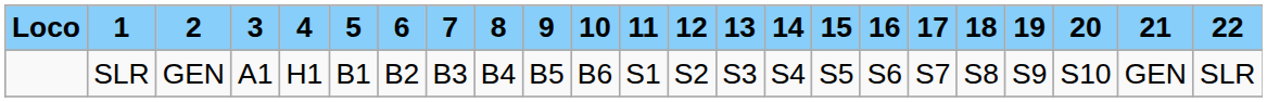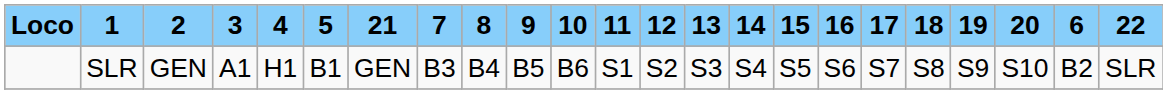 <table class="wikitable plainrowheaders unsortable" style="text-align:center">
 <tr>
 <th scope="col" rowspan="1" style="background:lightskyblue;">Loco</th>
 <th scope="col" rowspan="1" style="background:lightskyblue;">1</th>
 <th scope="col" rowspan="1" style="background:lightskyblue;">2</th>
 <th scope="col" rowspan="1" style="background:lightskyblue;">3</th>
 <th scope="col" rowspan="1" style="background:lightskyblue;">4</th>
 <th scope="col" rowspan="1" style="background:lightskyblue;">5</th>
-<th scope="col" rowspan="1" style="background:lightskyblue;">6</th>
+<th scope="col" rowspan="1" style="background:lightskyblue;">21</th>
 <th scope="col" rowspan="1" style="background:lightskyblue;">7</th>
 <th scope="col" rowspan="1" style="background:lightskyblue;">8</th>
 <th scope="col" rowspan="1" style="background:lightskyblue;">9</th>
 <th scope="col" rowspan="1" style="background:lightskyblue;">10</th>
 <th scope="col" rowspan="1" style="background:lightskyblue;">11</th>
 <th scope="col" rowspan="1" style="background:lightskyblue;">12</th>
 <th scope="col" rowspan="1" style="background:lightskyblue;">13</th>
 <th scope="col" rowspan="1" style="background:lightskyblue;">14</th>
 <th scope="col" rowspan="1" style="background:lightskyblue;">15</th>
 <th scope="col" rowspan="1" style="background:lightskyblue;">16</th>
 <th scope="col" rowspan="1" style="background:lightskyblue;">17</th>
 <th scope="col" rowspan="1" style="background:lightskyblue;">18</th>
 <th scope="col" rowspan="1" style="background:lightskyblue;">19</th>
 <th scope="col" rowspan="1" style="background:lightskyblue;">20</th>
-<th scope="col" rowspan="1" style="background:lightskyblue;">21</th>
+<th scope="col" rowspan="1" style="background:lightskyblue;">6</th>
 <th scope="col" rowspan="1" style="background:lightskyblue;">22</th>
 </tr>
 <tr>
 <td></td>
 <td>SLR</td>
 <td>GEN</td>
 <td>A1</td>
 <td>H1</td>
 <td>B1</td>
-<td>B2</td>
+<td>GEN</td>
 <td>B3</td>
 <td>B4</td>
 <td>B5</td>
 <td>B6</td>
 <td>S1</td>
 <td>S2</td>
 <td>S3</td>
 <td>S4</td>
 <td>S5</td>
 <td>S6</td>
 <td>S7</td>
 <td>S8</td>
 <td>S9</td>
 <td>S10</td>
-<td>GEN</td>
+<td>B2</td>
 <td>SLR</td>
 </tr>
 </table>
